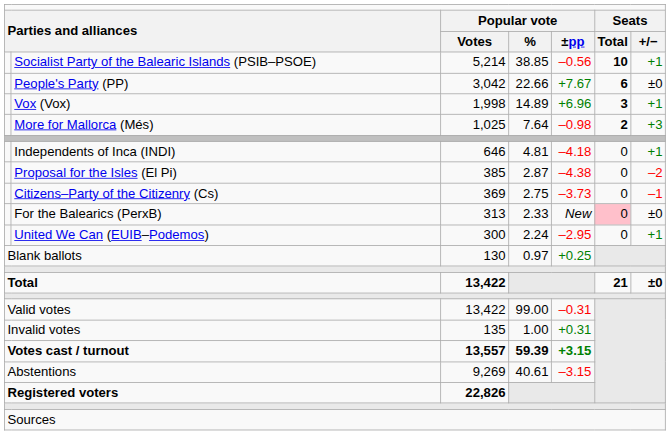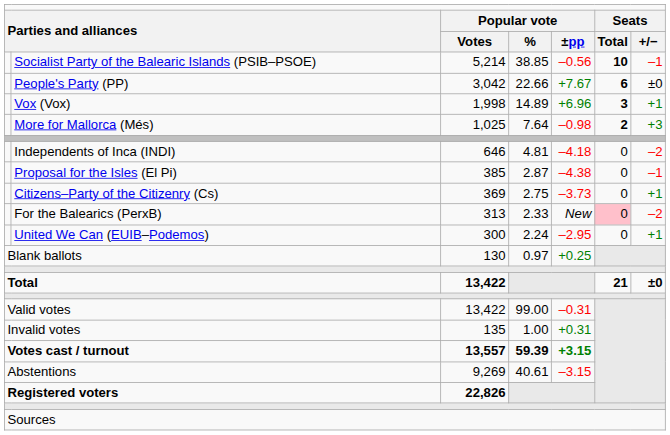 <table class="wikitable" style="text-align:right;">
 <tr>
 <td colspan="7"></td>
 </tr>
 <tr>
 <th style="text-align:left;" rowspan="2" colspan="2" width="525">Parties and alliances</th>
 <th colspan="3">Popular vote</th>
 <th colspan="2">Seats</th>
 </tr>
 <tr>
 <th width="75">Votes</th>
 <th width="45">%</th>
 <th width="45">±<a href='#'>pp</a></th>
 <th width="35">Total</th>
 <th width="35">+/−</th>
 </tr>
 <tr>
 <td width="1" style="color:inherit;background:"></td>
 <td align="left"><a href='#'>Socialist Party of the Balearic Islands</a> (PSIB–PSOE)</td>
 <td>5,214</td>
 <td>38.85</td>
 <td style="color:red;">–0.56</td>
 <td><strong>10</strong></td>
-<td style="color:green;">+1</td>
+<td style="color:red;">–1</td>
 </tr>
 <tr>
 <td style="color:inherit;background:"></td>
 <td align="left"><a href='#'>People's Party</a> (PP)</td>
 <td>3,042</td>
 <td>22.66</td>
 <td style="color:green;">+7.67</td>
 <td><strong>6</strong></td>
 <td>±0</td>
 </tr>
 <tr>
 <td style="color:inherit;background:"></td>
 <td align="left"><a href='#'>Vox</a> (Vox)</td>
 <td>1,998</td>
 <td>14.89</td>
 <td style="color:green;">+6.96</td>
 <td><strong>3</strong></td>
 <td style="color:green;">+1</td>
 </tr>
 <tr>
 <td style="color:inherit;background:"></td>
 <td align="left"><a href='#'>More for Mallorca</a> (Més)</td>
 <td>1,025</td>
 <td>7.64</td>
 <td style="color:red;">–0.98</td>
 <td><strong>2</strong></td>
 <td style="color:green;">+3</td>
 </tr>
 <tr>
 <td colspan="7" bgcolor="#C0C0C0"></td>
 </tr>
 <tr>
 <td style="color:inherit;background:"></td>
 <td align="left">Independents of Inca (INDI)</td>
 <td>646</td>
 <td>4.81</td>
 <td style="color:red;">–4.18</td>
 <td>0</td>
-<td style="color:green;">+1</td>
+<td style="color:red;">–2</td>
 </tr>
 <tr>
 <td style="color:inherit;background:"></td>
 <td align="left"><a href='#'>Proposal for the Isles</a> (El Pi)</td>
 <td>385</td>
 <td>2.87</td>
 <td style="color:red;">–4.38</td>
 <td>0</td>
-<td style="color:red;">–2</td>
+<td style="color:red;">–1</td>
 </tr>
 <tr>
 <td style="color:inherit;background:"></td>
 <td align="left"><a href='#'>Citizens–Party of the Citizenry</a> (Cs)</td>
 <td>369</td>
 <td>2.75</td>
 <td style="color:red;">–3.73</td>
 <td>0</td>
-<td style="color:red;">–1</td>
+<td style="color:green;">+1</td>
 </tr>
 <tr>
 <td style="color:inherit;background:"></td>
 <td align="left">For the Balearics (PerxB)</td>
 <td>313</td>
 <td>2.33</td>
 <td><em>New</em></td>
 <td style="background: pink;">0</td>
-<td>±0</td>
+<td style="color:red;">–2</td>
 </tr>
 <tr>
 <td style="color:inherit;background:"></td>
 <td align="left"><a href='#'>United We Can</a> (<a href='#'>EUIB</a>–<a href='#'>Podemos</a>)</td>
 <td>300</td>
 <td>2.24</td>
 <td style="color:red;">–2.95</td>
 <td>0</td>
 <td style="color:green;">+1</td>
 </tr>
 <tr>
 <td align="left" colspan="2">Blank ballots</td>
 <td>130</td>
 <td>0.97</td>
 <td style="color:green;">+0.25</td>
 <td bgcolor="#E9E9E9" colspan="2"></td>
 </tr>
 <tr>
 <td colspan="7" bgcolor="#E9E9E9"></td>
 </tr>
 <tr style="font-weight:bold;">
 <td align="left" colspan="2">Total</td>
 <td>13,422</td>
 <td bgcolor="#E9E9E9" colspan="2"></td>
 <td>21</td>
 <td>±0</td>
 </tr>
 <tr>
 <td colspan="7" bgcolor="#E9E9E9"></td>
 </tr>
 <tr>
 <td align="left" colspan="2">Valid votes</td>
 <td>13,422</td>
 <td>99.00</td>
 <td style="color:red;">–0.31</td>
 <td bgcolor="#E9E9E9" colspan="2" rowspan="5"></td>
 </tr>
 <tr>
 <td align="left" colspan="2">Invalid votes</td>
 <td>135</td>
 <td>1.00</td>
 <td style="color:green;">+0.31</td>
 </tr>
 <tr style="font-weight:bold;">
 <td align="left" colspan="2">Votes cast / turnout</td>
 <td>13,557</td>
 <td>59.39</td>
 <td style="color:green;">+3.15</td>
 </tr>
 <tr>
 <td align="left" colspan="2">Abstentions</td>
 <td>9,269</td>
 <td>40.61</td>
 <td style="color:red;">–3.15</td>
 </tr>
 <tr style="font-weight:bold;">
 <td align="left" colspan="2">Registered voters</td>
 <td>22,826</td>
 <td bgcolor="#E9E9E9" colspan="2"></td>
 </tr>
 <tr>
 <td colspan="7" bgcolor="#E9E9E9"></td>
 </tr>
 <tr>
 <td align="left" colspan="7">Sources</td>
 </tr>
 </table>
